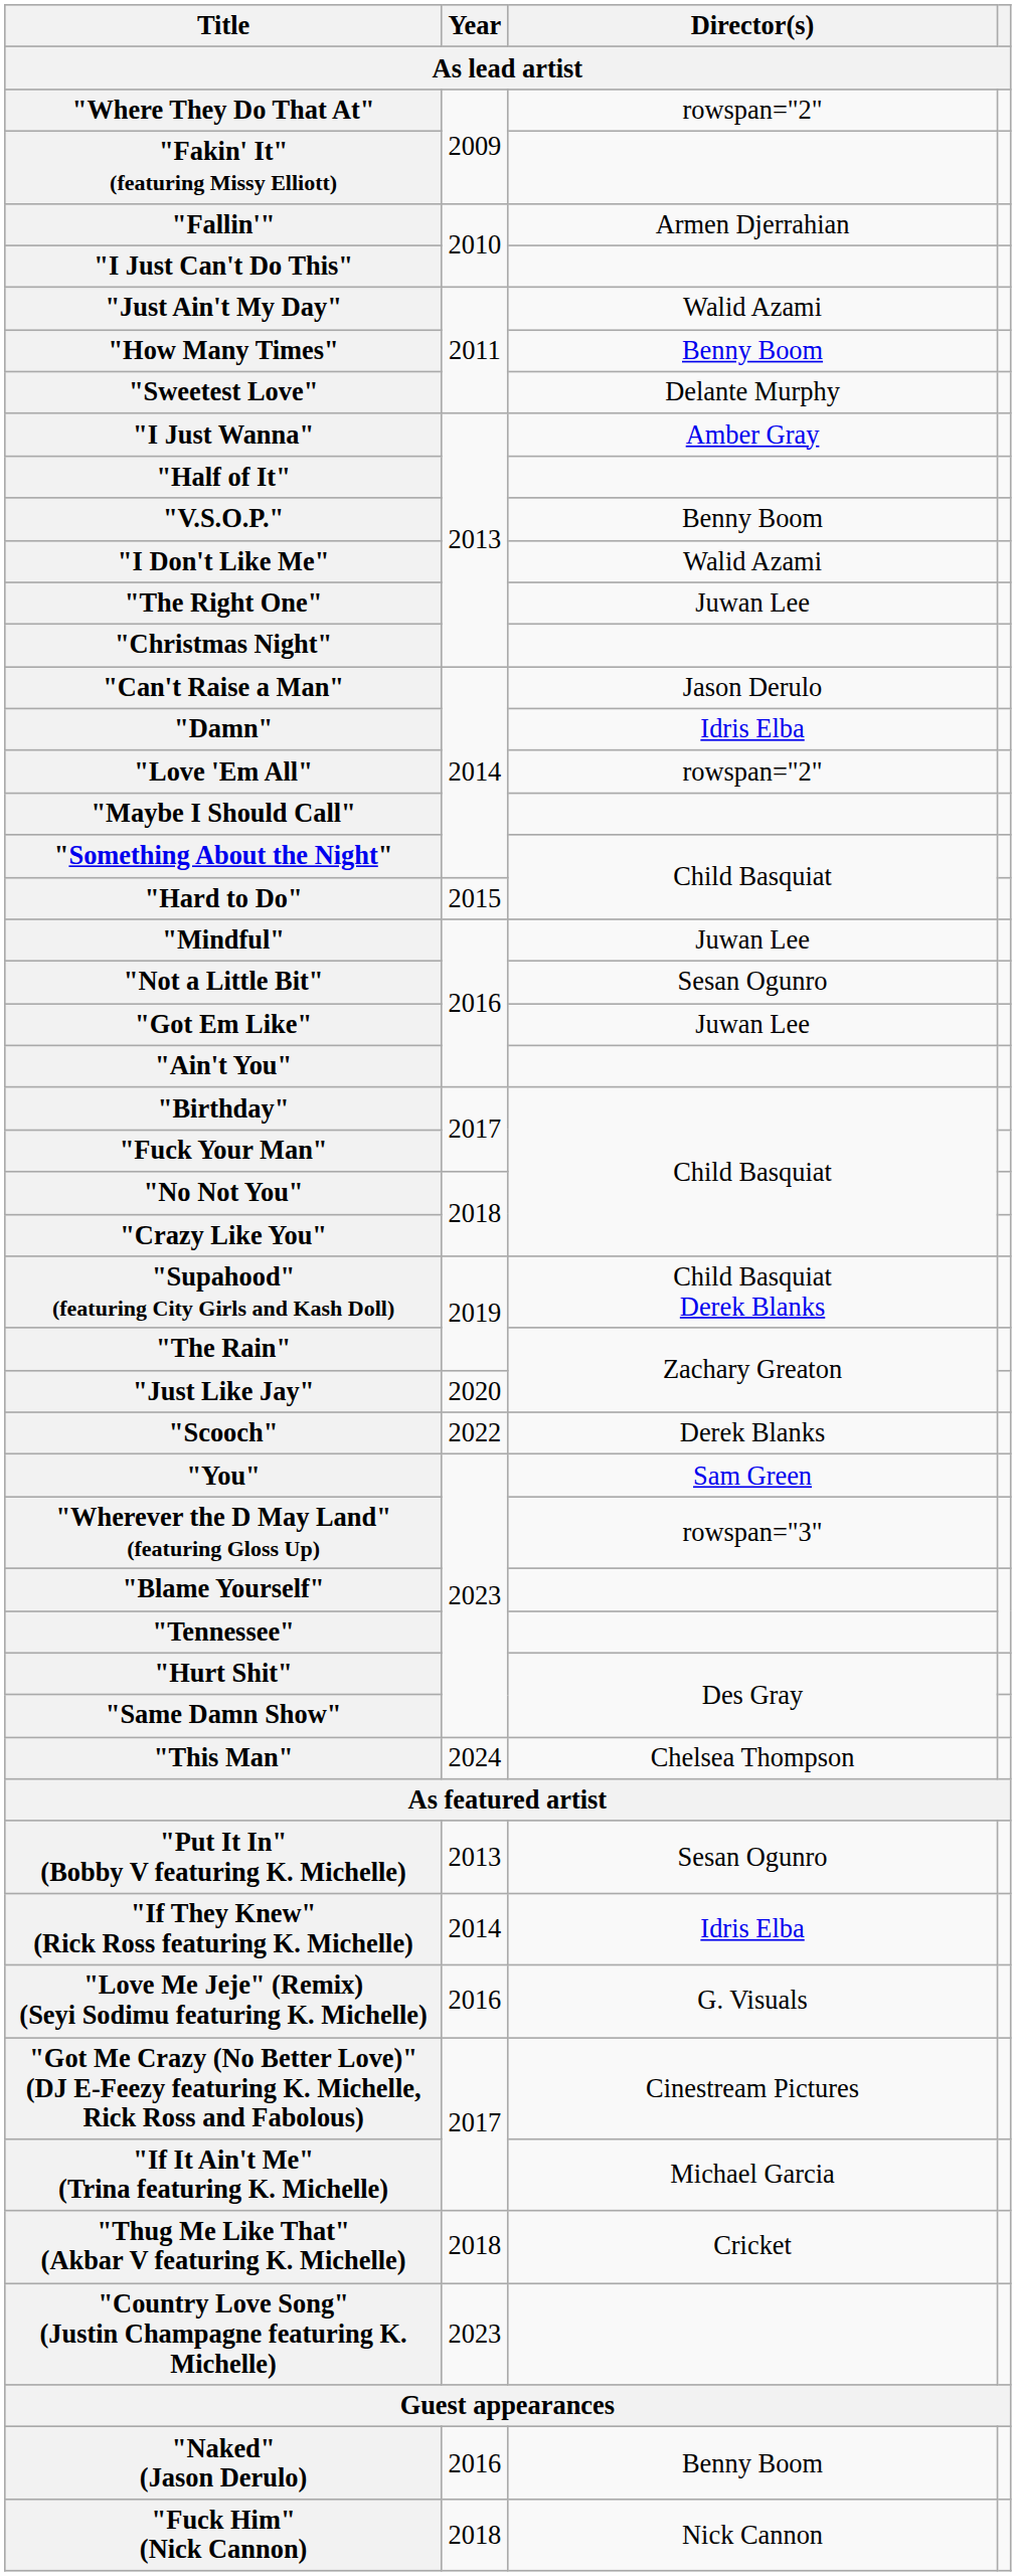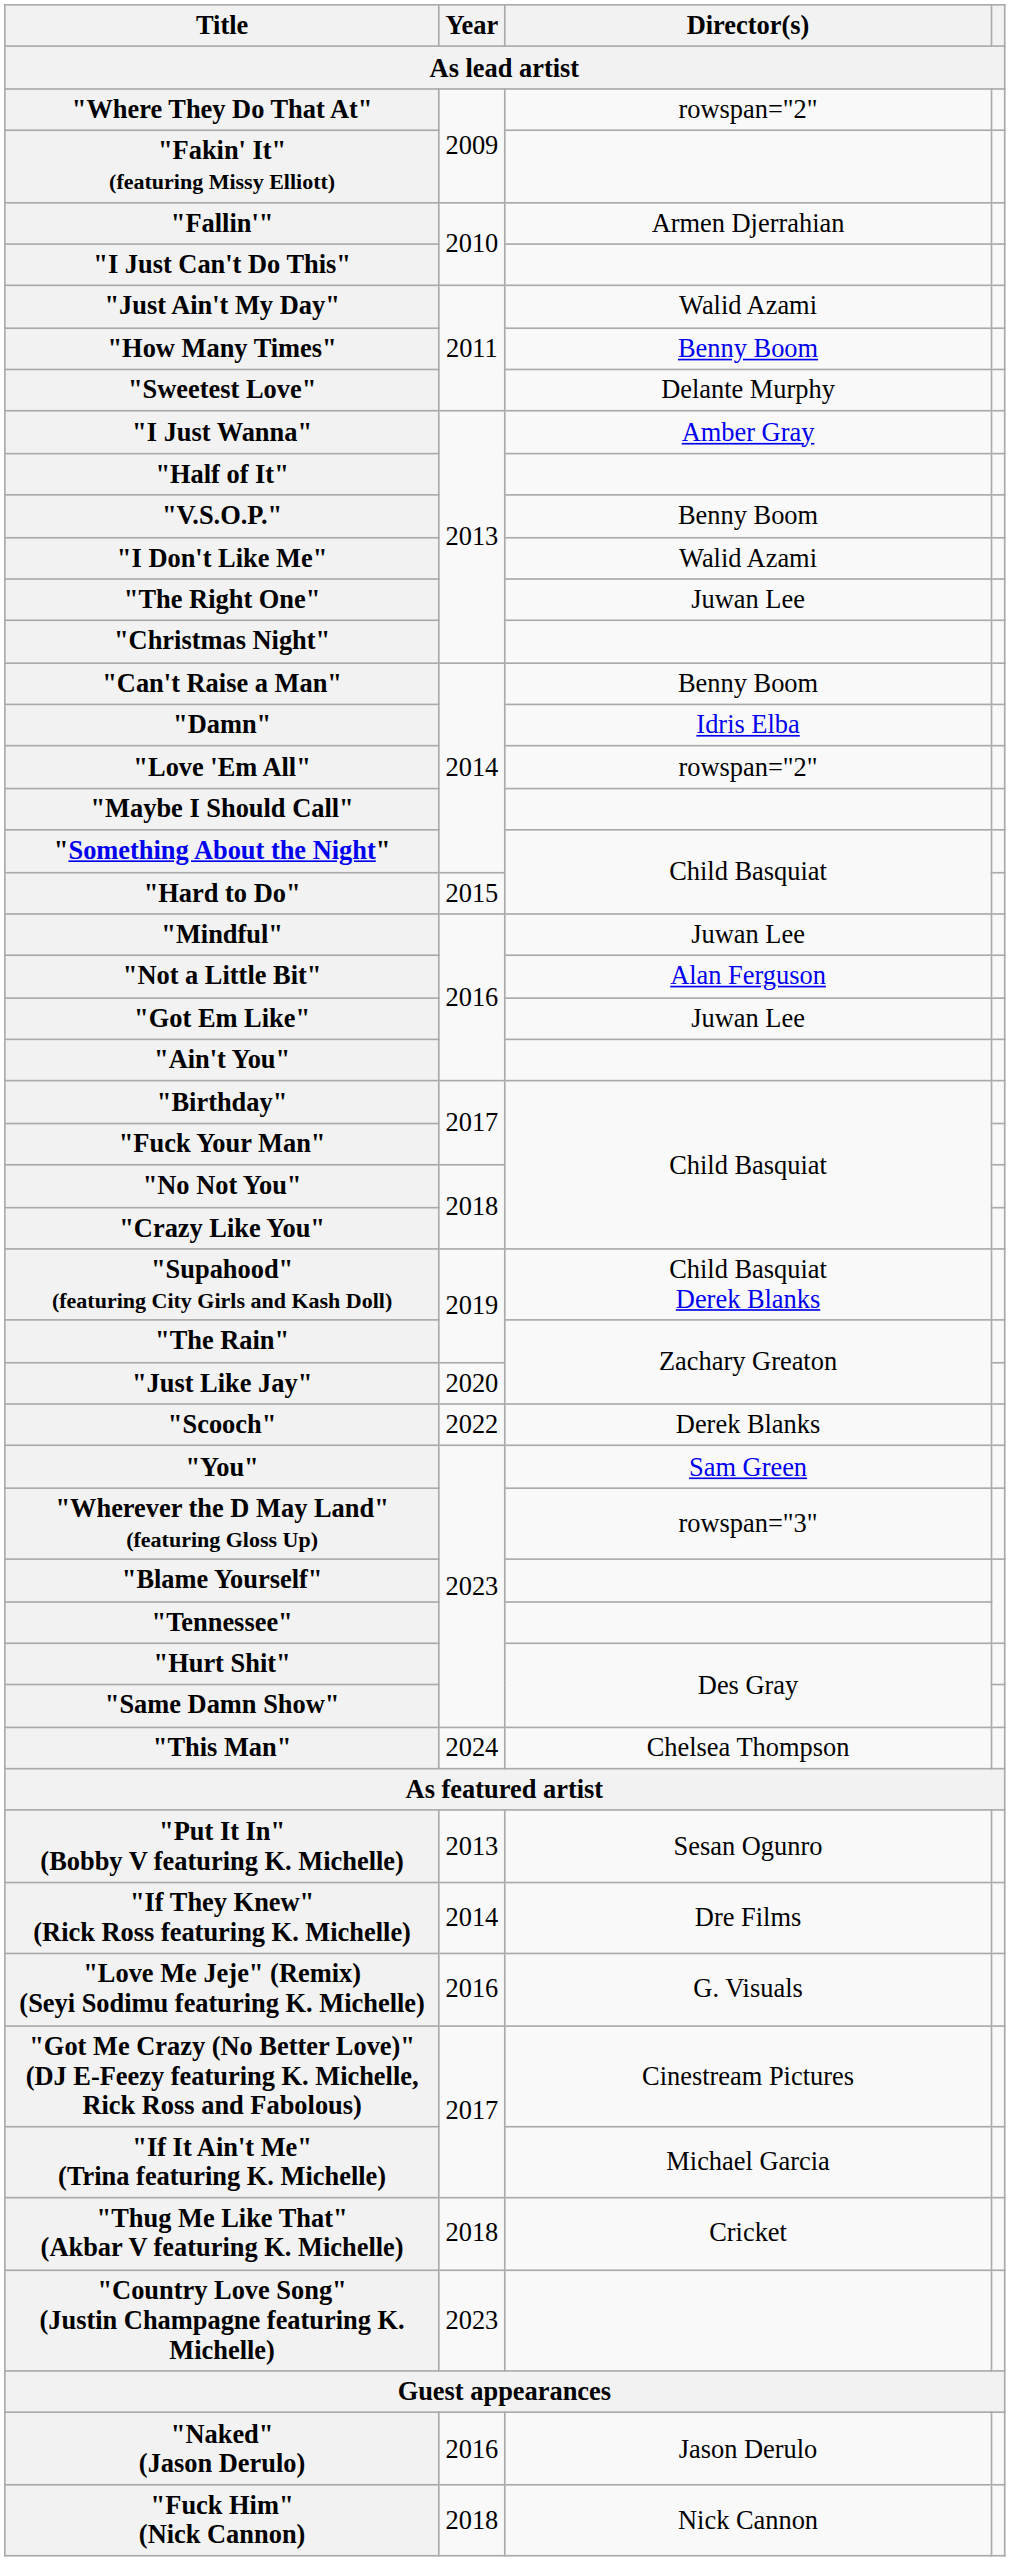 <table class="wikitable plainrowheaders" style="text-align:center;">
 <tr>
 <th scope="col" style="width:16em;">Title</th>
 <th scope="col">Year</th>
 <th scope="col" style="width:18em;">Director(s)</th>
 <th scope="col"></th>
 </tr>
 <tr>
 <th scope="col" colspan="5">As lead artist</th>
 </tr>
 <tr>
 <th scope="row">"Where They Do That At"</th>
 <td rowspan="2">2009</td>
 <td>rowspan="2" </td>
 <td></td>
 </tr>
 <tr>
 <th scope="row">"Fakin' It"<br><small>(featuring Missy Elliott)</small></th>
 <td></td>
 </tr>
 <tr>
 <th scope="row">"Fallin'"</th>
 <td rowspan="2">2010</td>
 <td>Armen Djerrahian</td>
 <td></td>
 </tr>
 <tr>
 <th scope="row">"I Just Can't Do This"</th>
 <td></td>
 <td></td>
 </tr>
 <tr>
 <th scope="row">"Just Ain't My Day"</th>
 <td rowspan="3">2011</td>
 <td>Walid Azami</td>
 <td></td>
 </tr>
 <tr>
 <th scope="row">"How Many Times"</th>
 <td><a href='#'>Benny Boom</a></td>
 <td></td>
 </tr>
 <tr>
 <th scope="row">"Sweetest Love"</th>
 <td>Delante Murphy</td>
 <td></td>
 </tr>
 <tr>
 <th scope="row">"I Just Wanna"</th>
 <td rowspan="6">2013</td>
 <td><a href='#'>Amber Gray</a></td>
 <td></td>
 </tr>
 <tr>
 <th scope="row">"Half of It"</th>
 <td></td>
 <td></td>
 </tr>
 <tr>
 <th scope="row">"V.S.O.P."</th>
 <td>Benny Boom</td>
 <td></td>
 </tr>
 <tr>
 <th scope="row">"I Don't Like Me"</th>
 <td>Walid Azami</td>
 <td></td>
 </tr>
 <tr>
 <th scope="row">"The Right One"</th>
 <td>Juwan Lee</td>
 <td></td>
 </tr>
 <tr>
 <th scope="row">"Christmas Night"</th>
 <td></td>
 <td></td>
 </tr>
 <tr>
 <th scope="row">"Can't Raise a Man"</th>
 <td rowspan="5">2014</td>
-<td>Jason Derulo</td>
+<td>Benny Boom</td>
 <td></td>
 </tr>
 <tr>
 <th scope="row">"Damn"</th>
 <td><a href='#'>Idris Elba</a></td>
 <td></td>
 </tr>
 <tr>
 <th scope="row">"Love 'Em All"</th>
 <td>rowspan="2" </td>
 <td></td>
 </tr>
 <tr>
 <th scope="row">"Maybe I Should Call"</th>
 <td></td>
 </tr>
 <tr>
 <th scope="row">"<a href='#'>Something About the Night</a>"</th>
 <td rowspan="2">Child Basquiat</td>
 <td></td>
 </tr>
 <tr>
 <th scope="row">"Hard to Do"</th>
 <td>2015</td>
 <td></td>
 </tr>
 <tr>
 <th scope="row">"Mindful"</th>
 <td rowspan="4">2016</td>
 <td>Juwan Lee</td>
 <td></td>
 </tr>
 <tr>
 <th scope="row">"Not a Little Bit"</th>
-<td>Sesan Ogunro</td>
+<td><a href='#'>Alan Ferguson</a></td>
 <td></td>
 </tr>
 <tr>
 <th scope="row">"Got Em Like"</th>
 <td>Juwan Lee</td>
 <td></td>
 </tr>
 <tr>
 <th scope="row">"Ain't You"</th>
 <td></td>
 <td></td>
 </tr>
 <tr>
 <th scope="row">"Birthday"</th>
 <td rowspan="2">2017</td>
 <td rowspan="4">Child Basquiat</td>
 <td></td>
 </tr>
 <tr>
 <th scope="row">"Fuck Your Man"</th>
 <td></td>
 </tr>
 <tr>
 <th scope="row">"No Not You"</th>
 <td rowspan="2">2018</td>
 <td></td>
 </tr>
 <tr>
 <th scope="row">"Crazy Like You"</th>
 <td></td>
 </tr>
 <tr>
 <th scope="row">"Supahood"<br><small>(featuring City Girls and Kash Doll)</small></th>
 <td rowspan="2">2019</td>
 <td>Child Basquiat<br><a href='#'>Derek Blanks</a></td>
 <td></td>
 </tr>
 <tr>
 <th scope="row">"The Rain"</th>
 <td rowspan="2">Zachary Greaton</td>
 <td></td>
 </tr>
 <tr>
 <th scope="row">"Just Like Jay"</th>
 <td>2020</td>
 <td></td>
 </tr>
 <tr>
 <th scope="row">"Scooch"</th>
 <td>2022</td>
 <td>Derek Blanks</td>
 <td></td>
 </tr>
 <tr>
 <th scope="row">"You"</th>
 <td rowspan="6">2023</td>
 <td><a href='#'>Sam Green</a></td>
 <td></td>
 </tr>
 <tr>
 <th scope="row">"Wherever the D May Land"<br><small>(featuring Gloss Up)</small></th>
 <td>rowspan="3" </td>
 <td></td>
 </tr>
 <tr>
 <th scope="row">"Blame Yourself"</th>
 <td></td>
 </tr>
 <tr>
 <th scope="row">"Tennessee"</th>
 <td></td>
 </tr>
 <tr>
 <th scope="row">"Hurt Shit"</th>
 <td rowspan="2">Des Gray</td>
 <td></td>
 </tr>
 <tr>
 <th scope="row">"Same Damn Show"</th>
 <td></td>
 </tr>
 <tr>
 <th scope="row">"This Man"</th>
 <td>2024</td>
 <td>Chelsea Thompson</td>
 <td></td>
 </tr>
 <tr>
 <th scope="col" colspan="5">As featured artist</th>
 </tr>
 <tr>
 <th scope="row">"Put It In"<br><span>(Bobby V featuring K. Michelle)</span></th>
 <td>2013</td>
 <td>Sesan Ogunro</td>
 <td></td>
 </tr>
 <tr>
 <th scope="row">"If They Knew"<br><span>(Rick Ross featuring K. Michelle)</span></th>
 <td>2014</td>
-<td><a href='#'>Idris Elba</a></td>
+<td>Dre Films</td>
 <td></td>
 </tr>
 <tr>
 <th scope="row">"Love Me Jeje" (Remix)<br><span>(Seyi Sodimu featuring K. Michelle)</span></th>
 <td>2016</td>
 <td>G. Visuals</td>
 <td></td>
 </tr>
 <tr>
 <th scope="row">"Got Me Crazy (No Better Love)"<br><span>(DJ E-Feezy featuring K. Michelle, Rick Ross and Fabolous)</span></th>
 <td rowspan="2">2017</td>
 <td>Cinestream Pictures</td>
 <td></td>
 </tr>
 <tr>
 <th scope="row">"If It Ain't Me"<br><span>(Trina featuring K. Michelle)</span></th>
 <td>Michael Garcia</td>
 <td></td>
 </tr>
 <tr>
 <th scope="row">"Thug Me Like That"<br><span>(Akbar V featuring K. Michelle)</span></th>
 <td>2018</td>
 <td>Cricket</td>
 <td></td>
 </tr>
 <tr>
 <th scope="row">"Country Love Song"<br><span>(Justin Champagne featuring K. Michelle)</span></th>
 <td>2023</td>
 <td></td>
 <td></td>
 </tr>
 <tr>
 <th scope="col" colspan="5">Guest appearances</th>
 </tr>
 <tr>
 <th scope="row">"Naked"<br><span>(Jason Derulo)</span></th>
 <td>2016</td>
-<td>Benny Boom</td>
+<td>Jason Derulo</td>
 <td></td>
 </tr>
 <tr>
 <th scope="row">"Fuck Him"<br><span>(Nick Cannon)</span></th>
 <td>2018</td>
 <td>Nick Cannon</td>
 <td></td>
 </tr>
 </table>
